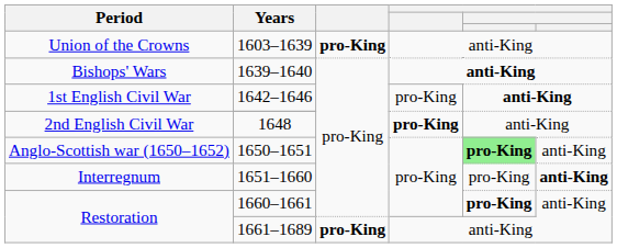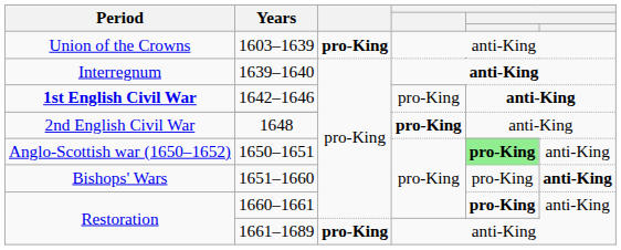 <table class="wikitable" style="text-align: center;">
 <tr>
 <th rowspan="3">Period</th>
 <th rowspan="3">Years</th>
 <th rowspan="3"><a href='#'></a></th>
 <th colspan="3"></th>
 </tr>
 <tr>
 <th rowspan="2"><a href='#'></a></th>
 <th colspan="2"></th>
 </tr>
 <tr>
 <th><a href='#'></a></th>
 <th><a href='#'></a></th>
 </tr>
 <tr>
 <td><a href='#'>Union of the Crowns</a></td>
 <td>1603–1639</td>
 <td style="border-style: solid solid none solid"><strong>pro-King</strong></td>
 <td colspan="3" style="border-style: solid solid dotted solid">anti-King</td>
 </tr>
 <tr>
-<td><a href='#'>Bishops' Wars</a></td>
+<td><a href='#'>Interregnum</a></td>
 <td>1639–1640</td>
 <td rowspan="7" style="border-style: dotted solid">pro-King</td>
 <td colspan="3" style="border-style: none solid"><strong>anti-King</strong> </td>
 </tr>
 <tr>
-<td><a href='#'>1st English Civil War</a></td>
+<td><strong><a href='#'>1st English Civil War</a></strong></td>
 <td>1642–1646</td>
 <td rowspan="2" style="border-style: solid solid none solid">pro-King</td>
 <td rowspan="2" colspan="2" style="border-style: dotted solid"><strong>anti-King</strong></td>
 </tr>
 <tr>
 <td rowspan="2"><a href='#'>2nd English Civil War</a></td>
 </tr>
 <tr>
 <td>1648</td>
 <td style="border-style: dotted solid"><strong>pro-King</strong></td>
 <td colspan="2" style="border-style: dotted solid">anti-King</td>
 </tr>
 <tr>
 <td><a href='#'>Anglo-Scottish war (1650–1652)</a></td>
 <td>1650–1651</td>
 <td rowspan="3" style="border-style: none solid solid solid">pro-King</td>
 <td style="background: lightgreen; border-style: solid solid none solid"><strong>pro-King</strong></td>
 <td style="border-style: dotted solid">anti-King</td>
 </tr>
 <tr>
-<td><a href='#'>Interregnum</a></td>
+<td><a href='#'>Bishops' Wars</a></td>
 <td>1651–1660</td>
 <td style="border-style: dotted solid">pro-King</td>
 <td style="border-style: dotted solid"><strong>anti-King</strong></td>
 </tr>
 <tr>
 <td rowspan="2"><a href='#'>Restoration</a></td>
 <td>1660–1661</td>
 <td style="border-style: none solid solid solid"><strong>pro-King</strong></td>
 <td style="border-style: none solid">anti-King</td>
 </tr>
 <tr>
 <td>1661–1689</td>
 <td style="border-style: none solid solid solid"><strong>pro-King</strong></td>
 <td colspan="3" style="border-style: none solid solid solid">anti-King</td>
 </tr>
 </table>
